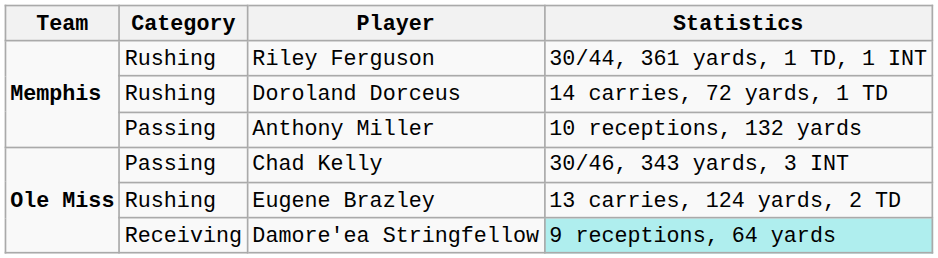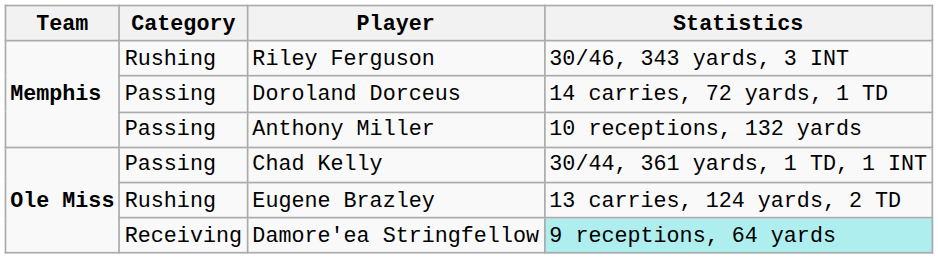 <table class="wikitable" style="float: right;">
 <tr>
 <th>Team</th>
 <th>Category</th>
 <th>Player</th>
 <th>Statistics</th>
 </tr>
 <tr>
 <td rowspan=3><strong>Memphis</strong></td>
 <td>Rushing</td>
 <td>Riley Ferguson</td>
-<td>30/44, 361 yards, 1 TD, 1 INT</td>
+<td>30/46, 343 yards, 3 INT</td>
 </tr>
 <tr>
-<td>Rushing</td>
+<td>Passing</td>
 <td>Doroland Dorceus</td>
 <td>14 carries, 72 yards, 1 TD</td>
 </tr>
 <tr>
 <td>Passing</td>
 <td>Anthony Miller</td>
 <td>10 receptions, 132 yards</td>
 </tr>
 <tr>
 <td rowspan=3><strong>Ole Miss</strong></td>
 <td>Passing</td>
 <td>Chad Kelly</td>
-<td>30/46, 343 yards, 3 INT</td>
+<td>30/44, 361 yards, 1 TD, 1 INT</td>
 </tr>
 <tr>
 <td>Rushing</td>
 <td>Eugene Brazley</td>
 <td>13 carries, 124 yards, 2 TD</td>
 </tr>
 <tr>
 <td>Receiving</td>
 <td>Damore'ea Stringfellow</td>
 <td style="background: paleturquoise;">9 receptions, 64 yards</td>
 </tr>
 </table>
